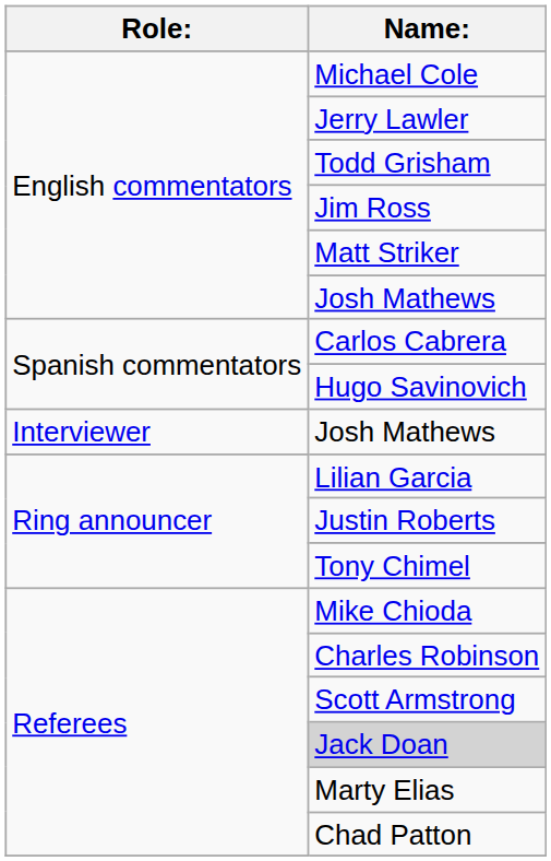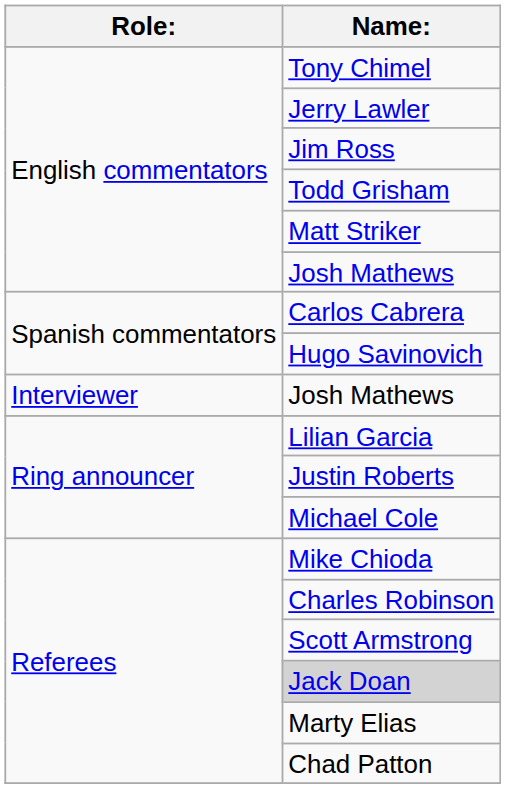 <table class=wikitable style="font-size:90%; margin: 0.5em 0 0.5em 1em; float: right; clear: right;">
 <tr>
 <th>Role:</th>
 <th>Name:</th>
 </tr>
 <tr>
 <td rowspan=6>English <a href='#'>commentators</a></td>
-<td><a href='#'>Michael Cole</a> </td>
+<td><a href='#'>Tony Chimel</a> </td>
 </tr>
 <tr>
 <td><a href='#'>Jerry Lawler</a> </td>
 </tr>
 <tr>
-<td><a href='#'>Todd Grisham</a> </td>
+<td><a href='#'>Jim Ross</a> </td>
 </tr>
 <tr>
-<td><a href='#'>Jim Ross</a> </td>
+<td><a href='#'>Todd Grisham</a> </td>
 </tr>
 <tr>
 <td><a href='#'>Matt Striker</a> </td>
 </tr>
 <tr>
 <td><a href='#'>Josh Mathews</a> </td>
 </tr>
 <tr>
 <td rowspan=2>Spanish commentators</td>
 <td><a href='#'>Carlos Cabrera</a></td>
 </tr>
 <tr>
 <td><a href='#'>Hugo Savinovich</a></td>
 </tr>
 <tr>
 <td><a href='#'>Interviewer</a></td>
 <td>Josh Mathews</td>
 </tr>
 <tr>
 <td rowspan=3><a href='#'>Ring announcer</a></td>
 <td><a href='#'>Lilian Garcia</a> </td>
 </tr>
 <tr>
 <td><a href='#'>Justin Roberts</a> </td>
 </tr>
 <tr>
-<td><a href='#'>Tony Chimel</a> </td>
+<td><a href='#'>Michael Cole</a> </td>
 </tr>
 <tr>
 <td rowspan=6><a href='#'>Referees</a></td>
 <td><a href='#'>Mike Chioda</a></td>
 </tr>
 <tr>
 <td><a href='#'>Charles Robinson</a></td>
 </tr>
 <tr>
 <td><a href='#'>Scott Armstrong</a></td>
 </tr>
 <tr>
 <td style="background: lightgrey;"><a href='#'>Jack Doan</a></td>
 </tr>
 <tr>
 <td>Marty Elias</td>
 </tr>
 <tr>
 <td>Chad Patton</td>
 </tr>
 </table>
